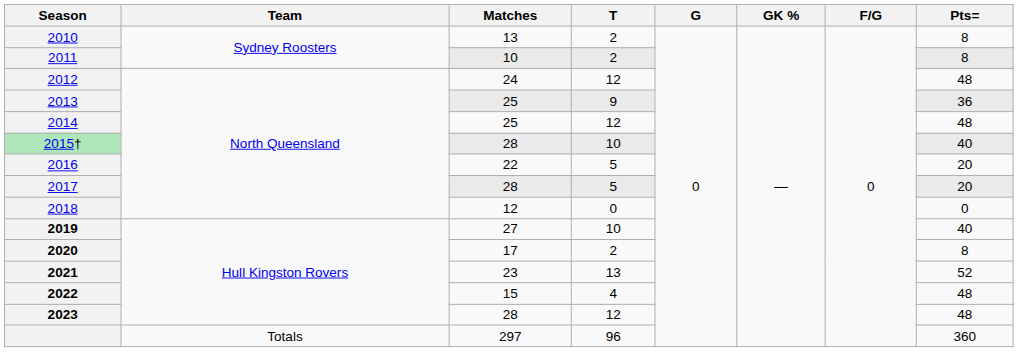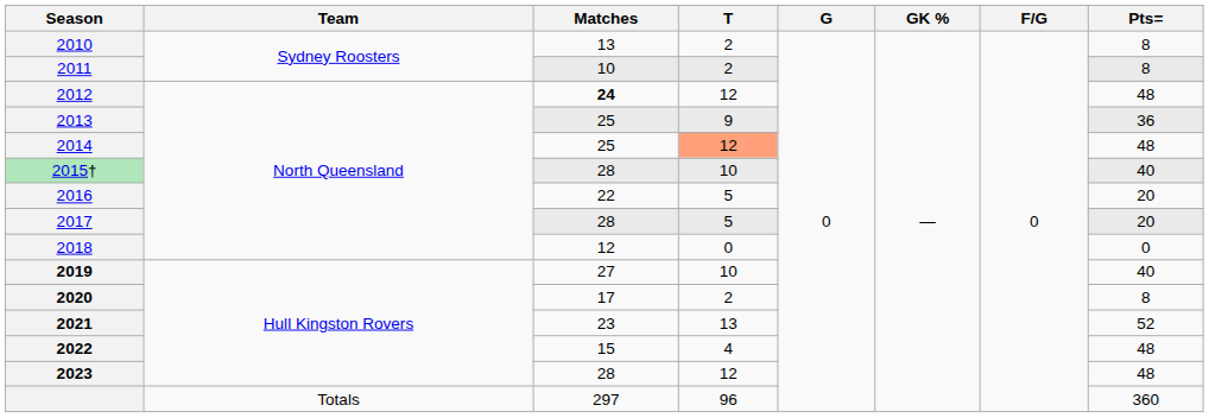 <table class="wikitable sortable"  style="font-size:90%; text-align:center; width:85%;">
 <tr>
 <th width=2%>Season</th>
 <th width=8%>Team</th>
 <th width=2%>Matches</th>
 <th width=2%>T</th>
 <th width=2%>G</th>
 <th width=2%>GK %</th>
 <th width=2%>F/G</th>
 <th width=2%>Pts=</th>
 </tr>
 <tr>
 <th scope="row" style="text-align:center; font-weight:normal"><a href='#'>2010</a></th>
 <td rowspan="2" style="text-align:center;"> <a href='#'>Sydney Roosters</a></td>
 <td>13</td>
 <td>2</td>
 <td rowspan="15">0</td>
 <td rowspan="15">—</td>
 <td rowspan="15">0</td>
 <td>8</td>
 </tr>
 <tr style="background-color: #EAEAEA">
 <th scope="row" style="text-align:center; font-weight:normal"><a href='#'>2011</a></th>
 <td>10</td>
 <td>2</td>
 <td>8</td>
 </tr>
 <tr>
 <th scope="row" style="text-align:center; font-weight:normal"><a href='#'>2012</a></th>
 <td rowspan="7" style="text-align:center;">  <a href='#'>North Queensland</a></td>
-<td>24</td>
+<td><strong>24</strong></td>
 <td>12</td>
 <td>48</td>
 </tr>
 <tr style="background-color: #EAEAEA">
 <th scope="row" style="text-align:center; font-weight:normal"><a href='#'>2013</a></th>
 <td>25</td>
 <td>9</td>
 <td>36</td>
 </tr>
 <tr>
 <th scope="row" style="text-align:center; font-weight:normal"><a href='#'>2014</a></th>
 <td>25</td>
-<td>12</td>
+<td style="background: lightsalmon;">12</td>
 <td>48</td>
 </tr>
 <tr style="background-color: #EAEAEA">
 <th scope="row" style="text-align:center; font-weight:normal; background:#afe6ba;"><a href='#'>2015</a>†</th>
 <td>28</td>
 <td>10</td>
 <td>40</td>
 </tr>
 <tr>
 <th scope="row" style="text-align:center; font-weight:normal"><a href='#'>2016</a></th>
 <td>22</td>
 <td>5</td>
 <td>20</td>
 </tr>
 <tr style="background-color: #EAEAEA">
 <th scope="row" style="text-align:center; font-weight:normal"><a href='#'>2017</a></th>
 <td>28</td>
 <td>5</td>
 <td>20</td>
 </tr>
 <tr>
 <th scope="row" style="text-align:center; font-weight:normal"><a href='#'>2018</a></th>
 <td>12</td>
 <td>0</td>
 <td>0</td>
 </tr>
 <tr class="sortbottom">
 <th>2019</th>
 <td rowspan="5"> <a href='#'>Hull Kingston Rovers</a></td>
 <td>27</td>
 <td>10</td>
 <td>40</td>
 </tr>
 <tr>
 <th>2020</th>
 <td>17</td>
 <td>2</td>
 <td>8</td>
 </tr>
 <tr>
 <th>2021</th>
 <td>23</td>
 <td>13</td>
 <td>52</td>
 </tr>
 <tr>
 <th>2022</th>
 <td>15</td>
 <td>4</td>
 <td>48</td>
 </tr>
 <tr>
 <th>2023</th>
 <td>28</td>
 <td>12</td>
 <td>48</td>
 </tr>
 <tr>
 <th></th>
 <td>Totals</td>
 <td>297</td>
 <td>96</td>
 <td>360</td>
 </tr>
 </table>
